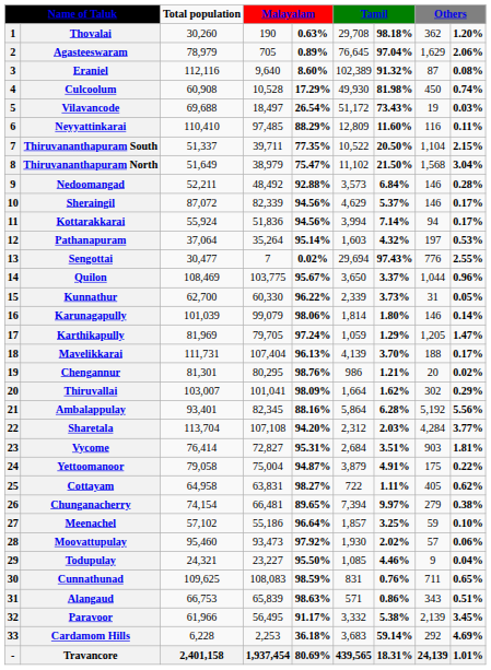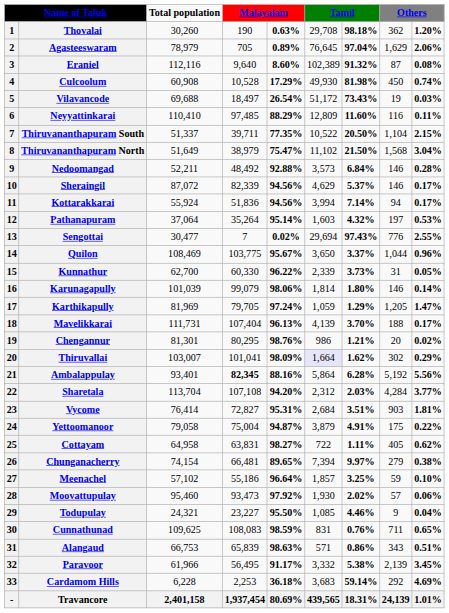 <table class="wikitable sortable" style="line-height:20px;text-align:center;">
 <tr>
 <td colspan="2" style="background:Black;"><a href='#'><span><strong>Name of Taluk</strong></span></a></td>
 <td><strong>Total population</strong></td>
 <td colspan="2" style="background:Red;"><a href='#'><span><strong>Malayalam</strong></span></a></td>
 <td colspan="2" style="background:Green;"><a href='#'><span><strong>Tamil</strong></span></a></td>
 <td colspan="2" style="background:gray;"><a href='#'><span><strong>Others</strong></span></a></td>
 </tr>
 <tr>
 <th>1</th>
 <th><a href='#'>Thovalai</a></th>
 <td>30,260</td>
 <td>190</td>
 <td><strong>0.63%</strong></td>
 <td>29,708</td>
 <td><strong>98.18%</strong></td>
 <td>362</td>
 <td><strong>1.20%</strong></td>
 </tr>
 <tr>
 <th>2</th>
 <th><a href='#'>Agasteeswaram</a></th>
 <td>78,979</td>
 <td>705</td>
 <td><strong>0.89%</strong></td>
 <td>76,645</td>
 <td><strong>97.04%</strong></td>
 <td>1,629</td>
 <td><strong>2.06%</strong></td>
 </tr>
 <tr>
 <th>3</th>
 <th><a href='#'>Eraniel</a></th>
 <td>112,116</td>
 <td>9,640</td>
 <td><strong>8.60%</strong></td>
 <td>102,389</td>
 <td><strong>91.32%</strong></td>
 <td>87</td>
 <td><strong>0.08%</strong></td>
 </tr>
 <tr>
 <th>4</th>
 <th><a href='#'>Culcoolum</a></th>
 <td>60,908</td>
 <td>10,528</td>
 <td><strong>17.29%</strong></td>
 <td>49,930</td>
 <td><strong>81.98%</strong></td>
 <td>450</td>
 <td><strong>0.74%</strong></td>
 </tr>
 <tr>
 <th>5</th>
 <th><a href='#'>Vilavancode</a></th>
 <td>69,688</td>
 <td>18,497</td>
 <td><strong>26.54%</strong></td>
 <td>51,172</td>
 <td><strong>73.43%</strong></td>
 <td>19</td>
 <td><strong>0.03%</strong></td>
 </tr>
 <tr>
 <th>6</th>
 <th><a href='#'>Neyyattinkarai</a></th>
 <td>110,410</td>
 <td>97,485</td>
 <td><strong>88.29%</strong></td>
 <td>12,809</td>
 <td><strong>11.60%</strong></td>
 <td>116</td>
 <td><strong>0.11%</strong></td>
 </tr>
 <tr>
 <th>7</th>
 <th><a href='#'>Thiruvananthapuram</a> South</th>
 <td>51,337</td>
 <td>39,711</td>
 <td><strong>77.35%</strong></td>
 <td>10,522</td>
 <td><strong>20.50%</strong></td>
 <td>1,104</td>
 <td><strong>2.15%</strong></td>
 </tr>
 <tr>
 <th>8</th>
 <th><a href='#'>Thiruvananthapuram</a> North</th>
 <td>51,649</td>
 <td>38,979</td>
 <td><strong>75.47%</strong></td>
 <td>11,102</td>
 <td><strong>21.50%</strong></td>
 <td>1,568</td>
 <td><strong>3.04%</strong></td>
 </tr>
 <tr>
 <th>9</th>
 <th><a href='#'>Nedoomangad</a></th>
 <td>52,211</td>
 <td>48,492</td>
 <td><strong>92.88%</strong></td>
 <td>3,573</td>
 <td><strong>6.84%</strong></td>
 <td>146</td>
 <td><strong>0.28%</strong></td>
 </tr>
 <tr>
 <th>10</th>
 <th><a href='#'>Sheraingil</a></th>
 <td>87,072</td>
 <td>82,339</td>
 <td><strong>94.56%</strong></td>
 <td>4,629</td>
 <td><strong>5.37%</strong></td>
 <td>146</td>
 <td><strong>0.17%</strong></td>
 </tr>
 <tr>
 <th>11</th>
 <th><a href='#'>Kottarakkarai</a></th>
 <td>55,924</td>
 <td>51,836</td>
 <td><strong>94.56%</strong></td>
 <td>3,994</td>
 <td><strong>7.14%</strong></td>
 <td>94</td>
 <td><strong>0.17%</strong></td>
 </tr>
 <tr>
 <th>12</th>
 <th><a href='#'>Pathanapuram</a></th>
 <td>37,064</td>
 <td>35,264</td>
 <td><strong>95.14%</strong></td>
 <td>1,603</td>
 <td><strong>4.32%</strong></td>
 <td>197</td>
 <td><strong>0.53%</strong></td>
 </tr>
 <tr>
 <th>13</th>
 <th><a href='#'>Sengottai</a></th>
 <td>30,477</td>
 <td>7</td>
 <td><strong>0.02%</strong></td>
 <td>29,694</td>
 <td><strong>97.43%</strong></td>
 <td>776</td>
 <td><strong>2.55%</strong></td>
 </tr>
 <tr>
 <th>14</th>
 <th><a href='#'>Quilon</a></th>
 <td>108,469</td>
 <td>103,775</td>
 <td><strong>95.67%</strong></td>
 <td>3,650</td>
 <td><strong>3.37%</strong></td>
 <td>1,044</td>
 <td><strong>0.96%</strong></td>
 </tr>
 <tr>
 <th>15</th>
 <th><a href='#'>Kunnathur</a></th>
 <td>62,700</td>
 <td>60,330</td>
 <td><strong>96.22%</strong></td>
 <td>2,339</td>
 <td><strong>3.73%</strong></td>
 <td>31</td>
 <td><strong>0.05%</strong></td>
 </tr>
 <tr>
 <th>16</th>
 <th><a href='#'>Karunagapully</a></th>
 <td>101,039</td>
 <td>99,079</td>
 <td><strong>98.06%</strong></td>
 <td>1,814</td>
 <td><strong>1.80%</strong></td>
 <td>146</td>
 <td><strong>0.14%</strong></td>
 </tr>
 <tr>
 <th>17</th>
 <th><a href='#'>Karthikapully</a></th>
 <td>81,969</td>
 <td>79,705</td>
 <td><strong>97.24%</strong></td>
 <td>1,059</td>
 <td><strong>1.29%</strong></td>
 <td>1,205</td>
 <td><strong>1.47%</strong></td>
 </tr>
 <tr>
 <th>18</th>
 <th><a href='#'>Mavelikkarai</a></th>
 <td>111,731</td>
 <td>107,404</td>
 <td><strong>96.13%</strong></td>
 <td>4,139</td>
 <td><strong>3.70%</strong></td>
 <td>188</td>
 <td><strong>0.17%</strong></td>
 </tr>
 <tr>
 <th>19</th>
 <th><a href='#'>Chengannur</a></th>
 <td>81,301</td>
 <td>80,295</td>
 <td><strong>98.76%</strong></td>
 <td>986</td>
 <td><strong>1.21%</strong></td>
 <td>20</td>
 <td><strong>0.02%</strong></td>
 </tr>
 <tr>
 <th>20</th>
 <th><a href='#'>Thiruvallai</a></th>
 <td>103,007</td>
 <td>101,041</td>
 <td><strong>98.09%</strong></td>
-<td>1,664</td>
+<td style="background: lavender;">1,664</td>
 <td><strong>1.62%</strong></td>
 <td>302</td>
 <td><strong>0.29%</strong></td>
 </tr>
 <tr>
 <th>21</th>
 <th><a href='#'>Ambalappulay</a></th>
 <td>93,401</td>
-<td>82,345</td>
+<td><strong>82,345</strong></td>
 <td><strong>88.16%</strong></td>
 <td>5,864</td>
 <td><strong>6.28%</strong></td>
 <td>5,192</td>
 <td><strong>5.56%</strong></td>
 </tr>
 <tr>
 <th>22</th>
 <th><a href='#'>Sharetala</a></th>
 <td>113,704</td>
 <td>107,108</td>
 <td><strong>94.20%</strong></td>
 <td>2,312</td>
 <td><strong>2.03%</strong></td>
 <td>4,284</td>
 <td><strong>3.77%</strong></td>
 </tr>
 <tr>
 <th>23</th>
 <th><a href='#'>Vycome</a></th>
 <td>76,414</td>
 <td>72,827</td>
 <td><strong>95.31%</strong></td>
 <td>2,684</td>
 <td><strong>3.51%</strong></td>
 <td>903</td>
 <td><strong>1.81%</strong></td>
 </tr>
 <tr>
 <th>24</th>
 <th><a href='#'>Yettoomanoor</a></th>
 <td>79,058</td>
 <td>75,004</td>
 <td><strong>94.87%</strong></td>
 <td>3,879</td>
 <td><strong>4.91%</strong></td>
 <td>175</td>
 <td><strong>0.22%</strong></td>
 </tr>
 <tr>
 <th>25</th>
 <th><a href='#'>Cottayam</a></th>
 <td>64,958</td>
 <td>63,831</td>
 <td><strong>98.27%</strong></td>
 <td>722</td>
 <td><strong>1.11%</strong></td>
 <td>405</td>
 <td><strong>0.62%</strong></td>
 </tr>
 <tr>
 <th>26</th>
 <th><a href='#'>Chunganacherry</a></th>
 <td>74,154</td>
 <td>66,481</td>
 <td><strong>89.65%</strong></td>
 <td>7,394</td>
 <td><strong>9.97%</strong></td>
 <td>279</td>
 <td><strong>0.38%</strong></td>
 </tr>
 <tr>
 <th>27</th>
 <th><a href='#'>Meenachel</a></th>
 <td>57,102</td>
 <td>55,186</td>
 <td><strong>96.64%</strong></td>
 <td>1,857</td>
 <td><strong>3.25%</strong></td>
 <td>59</td>
 <td><strong>0.10%</strong></td>
 </tr>
 <tr>
 <th>28</th>
 <th><a href='#'>Moovattupulay</a></th>
 <td>95,460</td>
 <td>93,473</td>
 <td><strong>97.92%</strong></td>
 <td>1,930</td>
 <td><strong>2.02%</strong></td>
 <td>57</td>
 <td><strong>0.06%</strong></td>
 </tr>
 <tr>
 <th>29</th>
 <th><a href='#'>Todupulay</a></th>
 <td>24,321</td>
 <td>23,227</td>
 <td><strong>95.50%</strong></td>
 <td>1,085</td>
 <td><strong>4.46%</strong></td>
 <td>9</td>
 <td><strong>0.04%</strong></td>
 </tr>
 <tr>
 <th>30</th>
 <th><a href='#'>Cunnathunad</a></th>
 <td>109,625</td>
 <td>108,083</td>
 <td><strong>98.59%</strong></td>
 <td>831</td>
 <td><strong>0.76%</strong></td>
 <td>711</td>
 <td><strong>0.65%</strong></td>
 </tr>
 <tr>
 <th>31</th>
 <th><a href='#'>Alangaud</a></th>
 <td>66,753</td>
 <td>65,839</td>
 <td><strong>98.63%</strong></td>
 <td>571</td>
 <td><strong>0.86%</strong></td>
 <td>343</td>
 <td><strong>0.51%</strong></td>
 </tr>
 <tr>
 <th>32</th>
 <th><a href='#'>Paravoor</a></th>
 <td>61,966</td>
 <td>56,495</td>
 <td><strong>91.17%</strong></td>
 <td>3,332</td>
 <td><strong>5.38%</strong></td>
 <td>2,139</td>
 <td><strong>3.45%</strong></td>
 </tr>
 <tr>
 <th>33</th>
 <th><a href='#'>Cardamom Hills</a></th>
 <td>6,228</td>
 <td>2,253</td>
 <td><strong>36.18%</strong></td>
 <td>3,683</td>
 <td><strong>59.14%</strong></td>
 <td>292</td>
 <td><strong>4.69%</strong></td>
 </tr>
 <tr>
 <th>-</th>
 <th>Travancore</th>
 <th>2,401,158</th>
 <th>1,937,454</th>
 <th><strong>80.69%</strong></th>
 <th>439,565</th>
 <th><strong>18.31%</strong></th>
 <th>24,139</th>
 <th><strong>1.01%</strong></th>
 </tr>
 </table>
